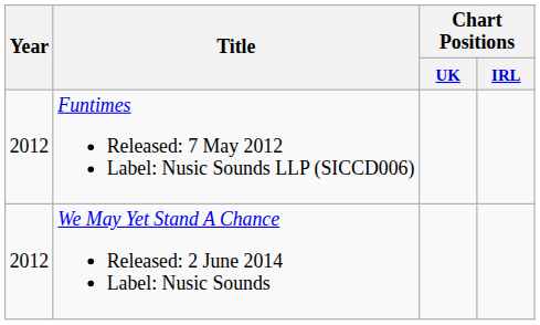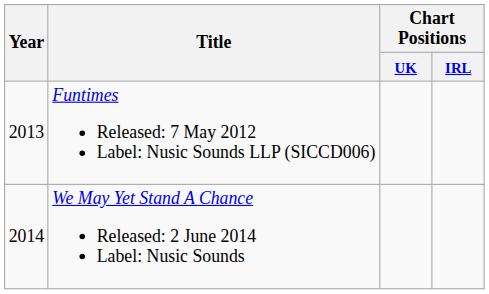 <table class="wikitable" style=text-align:center;>
 <tr>
 <th rowspan="2">Year</th>
 <th rowspan="2">Title</th>
 <th colspan="2">Chart Positions</th>
 </tr>
 <tr>
 <th width="40"><small><a href='#'>UK</a></small></th>
 <th width="40"><small><a href='#'>IRL</a></small></th>
 </tr>
 <tr>
-<td>2012</td>
+<td>2013</td>
 <td align="left"><em><a href='#'>Funtimes</a></em><br><ul><li>Released: 7 May 2012</li><li>Label: Nusic Sounds LLP (SICCD006)</li></ul></td>
 <td> </td>
 <td> </td>
 </tr>
 <tr>
-<td>2012</td>
+<td>2014</td>
 <td align="left"><em><a href='#'>We May Yet Stand A Chance</a></em><br><ul><li>Released: 2 June 2014</li><li>Label: Nusic Sounds</li></ul></td>
 <td> </td>
 <td> </td>
 </tr>
 </table>
